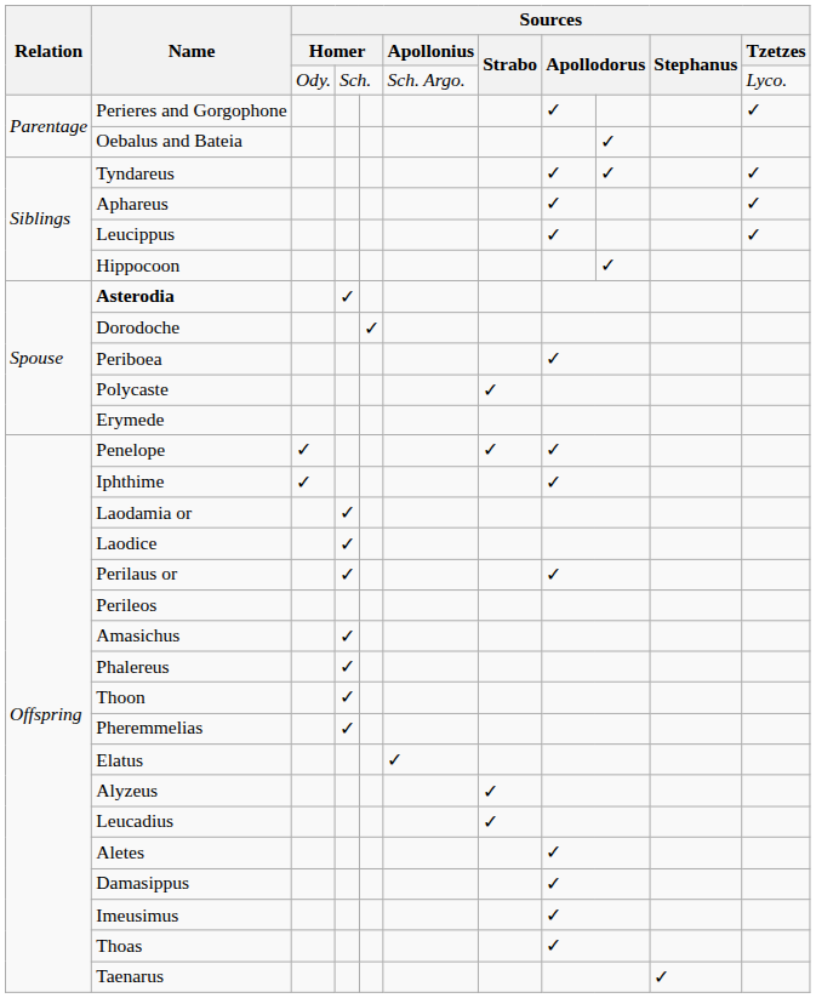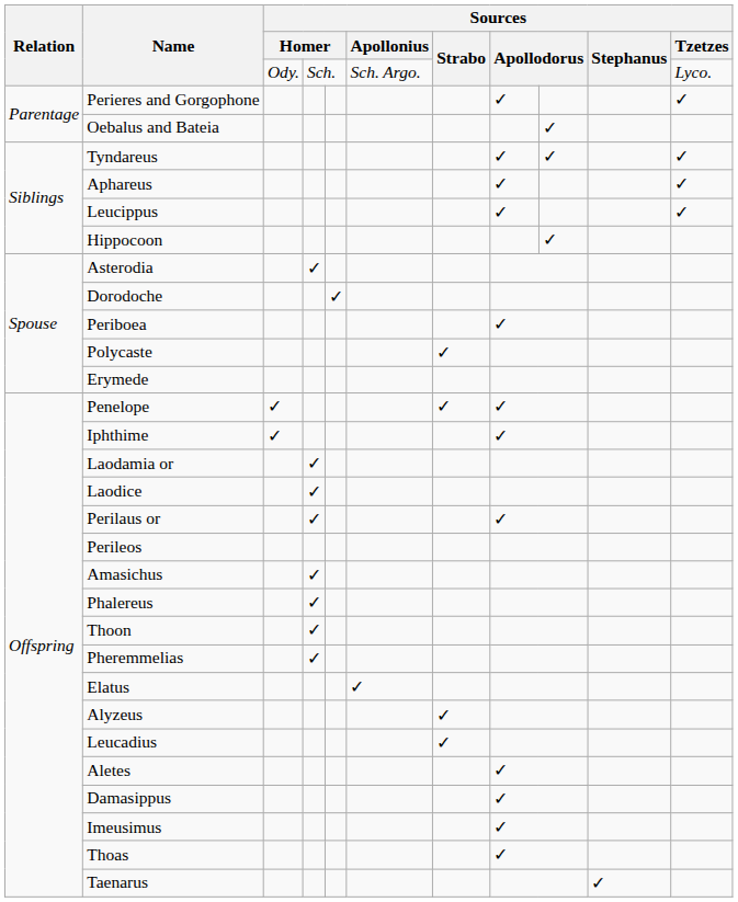 <table class="wikitable">
 <tr>
 <th rowspan="3">Relation</th>
 <th rowspan="3">Name</th>
 <th colspan="9">Sources</th>
 </tr>
 <tr>
 <th colspan="3">Homer</th>
 <th>Apollonius</th>
 <th rowspan="2">Strabo</th>
 <th colspan="2" rowspan="2">Apollodorus</th>
 <th rowspan="2">Stephanus</th>
 <th>Tzetzes</th>
 </tr>
 <tr>
 <td><em>Ody.</em></td>
 <td colspan="2"><em>Sch.</em></td>
 <td><em>Sch. Argo.</em></td>
 <td><em>Lyco.</em></td>
 </tr>
 <tr>
 <td rowspan="2"><em>Parentage</em></td>
 <td>Perieres and Gorgophone</td>
 <td></td>
 <td></td>
 <td></td>
 <td></td>
 <td></td>
 <td>✓</td>
 <td></td>
 <td></td>
 <td>✓</td>
 </tr>
 <tr>
 <td>Oebalus and Bateia</td>
 <td></td>
 <td></td>
 <td></td>
 <td></td>
 <td></td>
 <td></td>
 <td>✓</td>
 <td></td>
 <td></td>
 </tr>
 <tr>
 <td rowspan="4"><em>Siblings</em></td>
 <td>Tyndareus</td>
 <td></td>
 <td></td>
 <td></td>
 <td></td>
 <td></td>
 <td>✓</td>
 <td>✓</td>
 <td></td>
 <td>✓</td>
 </tr>
 <tr>
 <td>Aphareus</td>
 <td></td>
 <td></td>
 <td></td>
 <td></td>
 <td></td>
 <td>✓</td>
 <td></td>
 <td></td>
 <td>✓</td>
 </tr>
 <tr>
 <td>Leucippus</td>
 <td></td>
 <td></td>
 <td></td>
 <td></td>
 <td></td>
 <td>✓</td>
 <td></td>
 <td></td>
 <td>✓</td>
 </tr>
 <tr>
 <td>Hippocoon</td>
 <td></td>
 <td></td>
 <td></td>
 <td></td>
 <td></td>
 <td></td>
 <td>✓</td>
 <td></td>
 <td></td>
 </tr>
 <tr>
 <td rowspan="5"><em>Spouse</em></td>
-<td><strong>Asterodia</strong></td>
+<td>Asterodia</td>
 <td></td>
 <td>✓</td>
 <td></td>
 <td></td>
 <td></td>
 <td colspan="2"></td>
 <td></td>
 <td></td>
 </tr>
 <tr>
 <td>Dorodoche</td>
 <td></td>
 <td></td>
 <td>✓</td>
 <td></td>
 <td></td>
 <td colspan="2"></td>
 <td></td>
 <td></td>
 </tr>
 <tr>
 <td>Periboea</td>
 <td></td>
 <td></td>
 <td></td>
 <td></td>
 <td></td>
 <td colspan="2">✓</td>
 <td></td>
 <td></td>
 </tr>
 <tr>
 <td>Polycaste</td>
 <td></td>
 <td></td>
 <td></td>
 <td></td>
 <td>✓</td>
 <td colspan="2"></td>
 <td></td>
 <td></td>
 </tr>
 <tr>
 <td>Erymede</td>
 <td></td>
 <td></td>
 <td></td>
 <td></td>
 <td></td>
 <td colspan="2"></td>
 <td></td>
 <td></td>
 </tr>
 <tr>
 <td rowspan="18"><em>Offspring</em></td>
 <td>Penelope</td>
 <td>✓</td>
 <td></td>
 <td></td>
 <td></td>
 <td>✓</td>
 <td colspan="2">✓</td>
 <td></td>
 <td></td>
 </tr>
 <tr>
 <td>Iphthime</td>
 <td>✓</td>
 <td></td>
 <td></td>
 <td></td>
 <td></td>
 <td colspan="2">✓</td>
 <td></td>
 <td></td>
 </tr>
 <tr>
 <td>Laodamia or</td>
 <td></td>
 <td>✓</td>
 <td></td>
 <td></td>
 <td></td>
 <td colspan="2"></td>
 <td></td>
 <td></td>
 </tr>
 <tr>
 <td>Laodice</td>
 <td></td>
 <td>✓</td>
 <td></td>
 <td></td>
 <td></td>
 <td colspan="2"></td>
 <td></td>
 <td></td>
 </tr>
 <tr>
 <td>Perilaus or</td>
 <td></td>
 <td>✓</td>
 <td></td>
 <td></td>
 <td></td>
 <td colspan="2">✓</td>
 <td></td>
 <td></td>
 </tr>
 <tr>
 <td>Perileos</td>
 <td></td>
 <td></td>
 <td></td>
 <td></td>
 <td></td>
 <td colspan="2"></td>
 <td></td>
 <td></td>
 </tr>
 <tr>
 <td>Amasichus</td>
 <td></td>
 <td>✓</td>
 <td></td>
 <td></td>
 <td></td>
 <td colspan="2"></td>
 <td></td>
 <td></td>
 </tr>
 <tr>
 <td>Phalereus</td>
 <td></td>
 <td>✓</td>
 <td></td>
 <td></td>
 <td></td>
 <td colspan="2"></td>
 <td></td>
 <td></td>
 </tr>
 <tr>
 <td>Thoon</td>
 <td></td>
 <td>✓</td>
 <td></td>
 <td></td>
 <td></td>
 <td colspan="2"></td>
 <td></td>
 <td></td>
 </tr>
 <tr>
 <td>Pheremmelias</td>
 <td></td>
 <td>✓</td>
 <td></td>
 <td></td>
 <td></td>
 <td colspan="2"></td>
 <td></td>
 <td></td>
 </tr>
 <tr>
 <td>Elatus</td>
 <td></td>
 <td></td>
 <td></td>
 <td>✓</td>
 <td></td>
 <td colspan="2"></td>
 <td></td>
 <td></td>
 </tr>
 <tr>
 <td>Alyzeus</td>
 <td></td>
 <td></td>
 <td></td>
 <td></td>
 <td>✓</td>
 <td colspan="2"></td>
 <td></td>
 <td></td>
 </tr>
 <tr>
 <td>Leucadius</td>
 <td></td>
 <td></td>
 <td></td>
 <td></td>
 <td>✓</td>
 <td colspan="2"></td>
 <td></td>
 <td></td>
 </tr>
 <tr>
 <td>Aletes</td>
 <td></td>
 <td></td>
 <td></td>
 <td></td>
 <td></td>
 <td colspan="2">✓</td>
 <td></td>
 <td></td>
 </tr>
 <tr>
 <td>Damasippus</td>
 <td></td>
 <td></td>
 <td></td>
 <td></td>
 <td></td>
 <td colspan="2">✓</td>
 <td></td>
 <td></td>
 </tr>
 <tr>
 <td>Imeusimus</td>
 <td></td>
 <td></td>
 <td></td>
 <td></td>
 <td></td>
 <td colspan="2">✓</td>
 <td></td>
 <td></td>
 </tr>
 <tr>
 <td>Thoas</td>
 <td></td>
 <td></td>
 <td></td>
 <td></td>
 <td></td>
 <td colspan="2">✓</td>
 <td></td>
 <td></td>
 </tr>
 <tr>
 <td>Taenarus</td>
 <td></td>
 <td></td>
 <td></td>
 <td></td>
 <td></td>
 <td colspan="2"></td>
 <td>✓</td>
 <td></td>
 </tr>
 </table>
